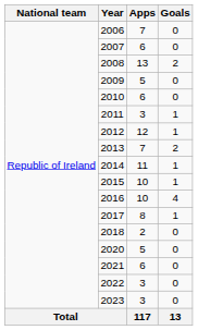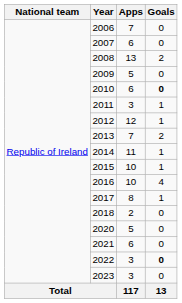 <table class="sortable wikitable" style="text-align:center">
 <tr>
 <th scope="col">National team</th>
 <th scope="col">Year</th>
 <th !scope="col">Apps</th>
 <th !scope="col">Goals</th>
 </tr>
 <tr>
 <td rowspan="17"><a href='#'>Republic of Ireland</a></td>
 <td scope="row">2006</td>
 <td>7</td>
 <td>0</td>
 </tr>
 <tr>
 <td scope="row">2007</td>
 <td>6</td>
 <td>0</td>
 </tr>
 <tr>
 <td scope="row">2008</td>
 <td>13</td>
 <td>2</td>
 </tr>
 <tr>
 <td scope="row">2009</td>
 <td>5</td>
 <td>0</td>
 </tr>
 <tr>
 <td scope="row">2010</td>
 <td>6</td>
-<td>0</td>
+<td><strong>0</strong></td>
 </tr>
 <tr>
 <td scope="row">2011</td>
 <td>3</td>
 <td>1</td>
 </tr>
 <tr>
 <td scope="row">2012</td>
 <td>12</td>
 <td>1</td>
 </tr>
 <tr>
 <td scope="row">2013</td>
 <td>7</td>
 <td>2</td>
 </tr>
 <tr>
 <td scope="row">2014</td>
 <td>11</td>
 <td>1</td>
 </tr>
 <tr>
 <td scope="row">2015</td>
 <td>10</td>
 <td>1</td>
 </tr>
 <tr>
 <td scope="row">2016</td>
 <td>10</td>
 <td>4</td>
 </tr>
 <tr>
 <td scope="row">2017</td>
 <td>8</td>
 <td>1</td>
 </tr>
 <tr>
 <td scope="row">2018</td>
 <td>2</td>
 <td>0</td>
 </tr>
 <tr>
 <td scope="row">2020</td>
 <td>5</td>
 <td>0</td>
 </tr>
 <tr>
 <td scope="row">2021</td>
 <td>6</td>
 <td>0</td>
 </tr>
 <tr>
 <td scope="row">2022</td>
 <td>3</td>
-<td>0</td>
+<td><strong>0</strong></td>
 </tr>
 <tr>
 <td scope="row">2023</td>
 <td>3</td>
 <td>0</td>
 </tr>
 <tr>
 <th colspan="2">Total</th>
 <th>117</th>
 <th>13</th>
 </tr>
 </table>
